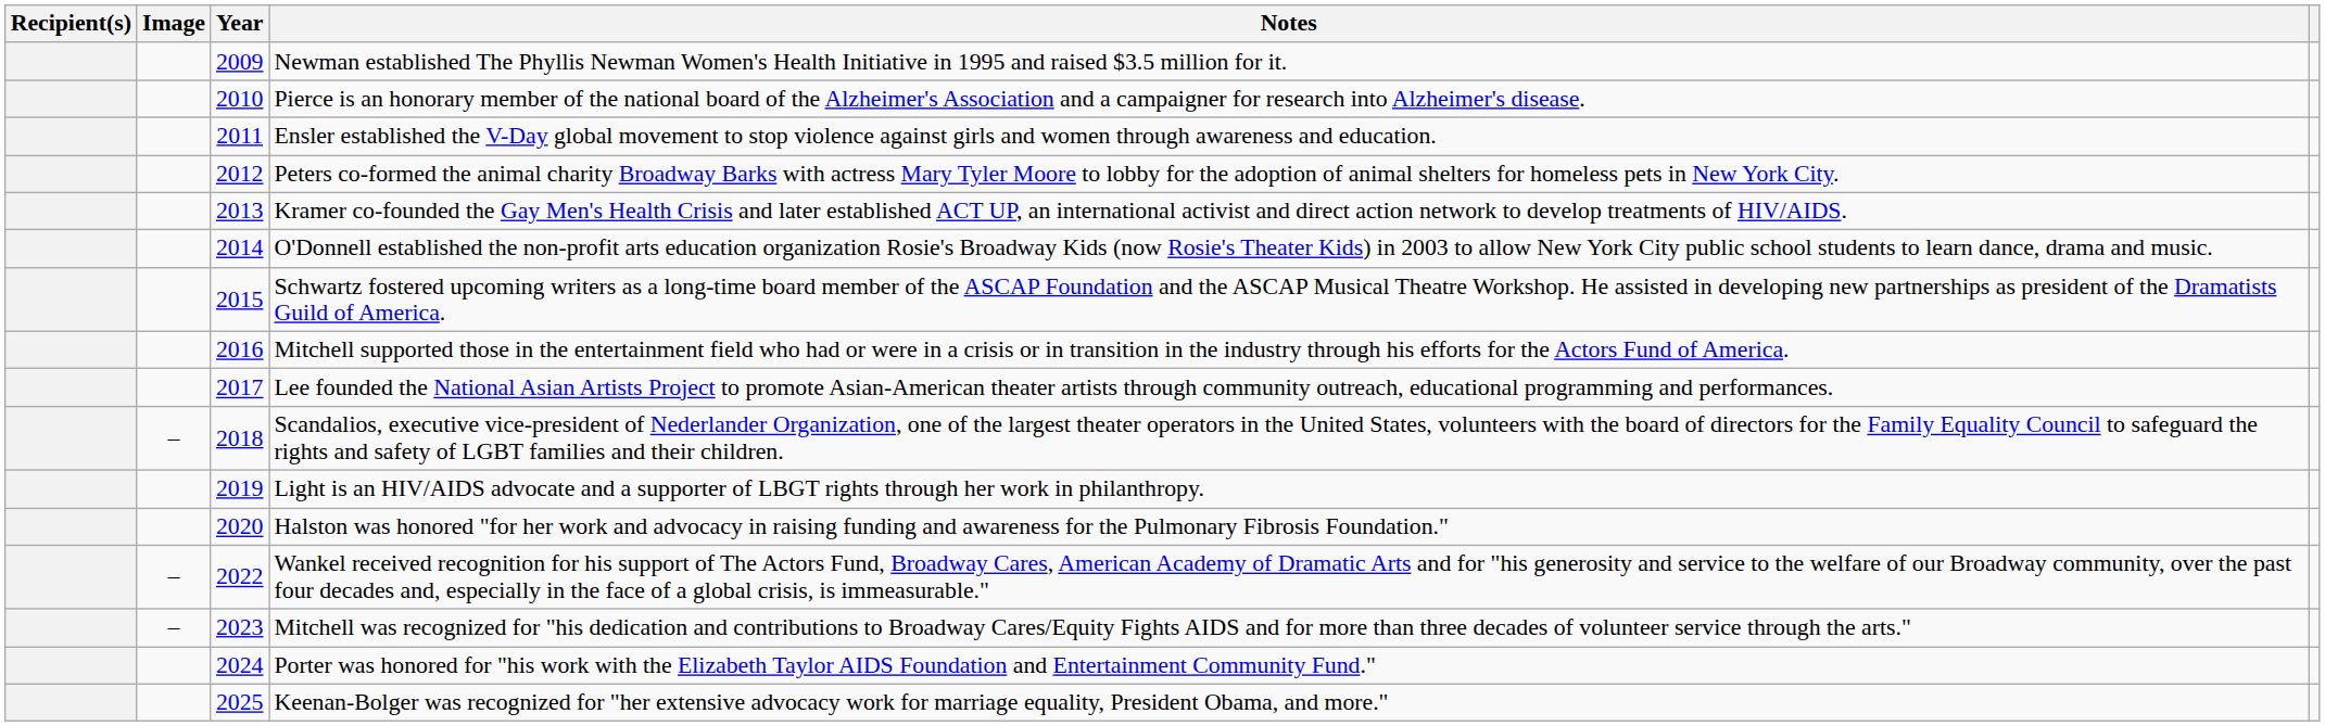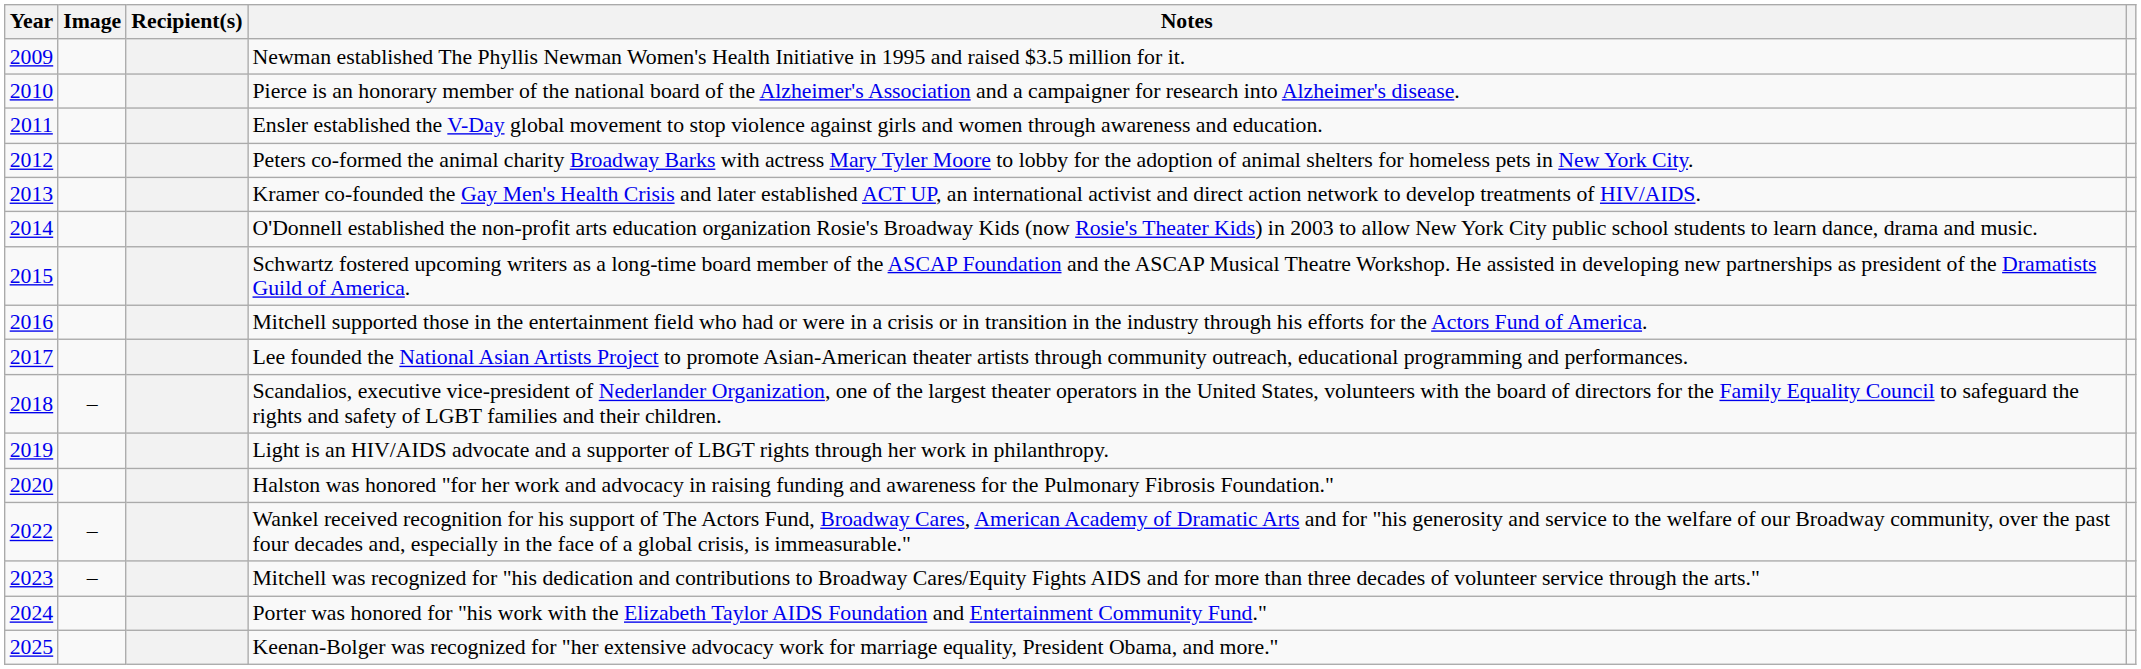 <table class="wikitable plainrowheaders sortable" style="text-align:center;">
 <tr>
+<th scope=col>Year</th>
+<th scope=col class=unsortable>Image</th>
 <th scope=col>Recipient(s)</th>
-<th scope=col class=unsortable>Image</th>
-<th scope=col>Year</th>
 <th scope=col class=unsortable>Notes</th>
 <th scope=col class=unsortable></th>
 </tr>
 <tr>
+<td><a href='#'>2009</a></td>
+<td></td>
 <th scope=row></th>
-<td></td>
-<td><a href='#'>2009</a></td>
 <td align=left>Newman established The Phyllis Newman Women's Health Initiative in 1995 and raised $3.5 million for it.</td>
 <td></td>
 </tr>
 <tr>
+<td><a href='#'>2010</a></td>
+<td></td>
 <th scope=row></th>
-<td></td>
-<td><a href='#'>2010</a></td>
 <td align=left>Pierce is an honorary member of the national board of the <a href='#'>Alzheimer's Association</a> and a campaigner for research into <a href='#'>Alzheimer's disease</a>.</td>
 <td></td>
 </tr>
 <tr>
+<td><a href='#'>2011</a></td>
+<td></td>
 <th scope=row></th>
-<td></td>
-<td><a href='#'>2011</a></td>
 <td align=left>Ensler established the <a href='#'>V-Day</a> global movement to stop violence against girls and women through awareness and education.</td>
 <td></td>
 </tr>
 <tr>
+<td><a href='#'>2012</a></td>
+<td></td>
 <th scope=row></th>
-<td></td>
-<td><a href='#'>2012</a></td>
 <td align=left>Peters co-formed the animal charity <a href='#'>Broadway Barks</a> with actress <a href='#'>Mary Tyler Moore</a> to lobby for the adoption of animal shelters for homeless pets in <a href='#'>New York City</a>.</td>
 <td></td>
 </tr>
 <tr>
+<td><a href='#'>2013</a></td>
+<td></td>
 <th scope=row></th>
-<td></td>
-<td><a href='#'>2013</a></td>
 <td align=left>Kramer co-founded the <a href='#'>Gay Men's Health Crisis</a> and later established <a href='#'>ACT UP</a>, an international activist and direct action network to develop treatments of <a href='#'>HIV/AIDS</a>.</td>
 <td></td>
 </tr>
 <tr>
+<td><a href='#'>2014</a></td>
+<td></td>
 <th scope=row></th>
-<td></td>
-<td><a href='#'>2014</a></td>
 <td align=left>O'Donnell established the non-profit arts education organization Rosie's Broadway Kids (now <a href='#'>Rosie's Theater Kids</a>) in 2003 to allow New York City public school students to learn dance, drama and music.</td>
 <td></td>
 </tr>
 <tr>
+<td><a href='#'>2015</a></td>
+<td></td>
 <th scope=row></th>
-<td></td>
-<td><a href='#'>2015</a></td>
 <td align=left>Schwartz fostered upcoming writers as a long-time board member of the <a href='#'>ASCAP Foundation</a> and the ASCAP Musical Theatre Workshop. He assisted in developing new partnerships as president of the <a href='#'>Dramatists Guild of America</a>.</td>
 <td></td>
 </tr>
 <tr>
+<td><a href='#'>2016</a></td>
+<td></td>
 <th scope=row></th>
-<td></td>
-<td><a href='#'>2016</a></td>
 <td align=left>Mitchell supported those in the entertainment field who had or were in a crisis or in transition in the industry through his efforts for the <a href='#'>Actors Fund of America</a>.</td>
 <td></td>
 </tr>
 <tr>
+<td><a href='#'>2017</a></td>
+<td></td>
 <th scope=row></th>
-<td></td>
-<td><a href='#'>2017</a></td>
 <td align=left>Lee founded the <a href='#'>National Asian Artists Project</a> to promote Asian-American theater artists through community outreach, educational programming and performances.</td>
 <td></td>
 </tr>
 <tr>
+<td><a href='#'>2018</a></td>
+<td>–</td>
 <th scope=row></th>
-<td>–</td>
-<td><a href='#'>2018</a></td>
 <td align=left>Scandalios, executive vice-president of <a href='#'>Nederlander Organization</a>, one of the largest theater operators in the United States, volunteers with the board of directors for the <a href='#'>Family Equality Council</a> to safeguard the rights and safety of LGBT families and their children.</td>
 <td></td>
 </tr>
 <tr>
+<td><a href='#'>2019</a></td>
+<td></td>
 <th scope=row></th>
-<td></td>
-<td><a href='#'>2019</a></td>
 <td align=left>Light is an HIV/AIDS advocate and a supporter of LBGT rights through her work in philanthropy.</td>
 <td></td>
 </tr>
 <tr>
+<td><a href='#'>2020</a></td>
+<td></td>
 <th scope=row></th>
-<td></td>
-<td><a href='#'>2020</a></td>
 <td align=left>Halston was honored "for her work and advocacy in raising funding and awareness for the Pulmonary Fibrosis Foundation."</td>
 <td></td>
 </tr>
 <tr>
+<td><a href='#'>2022</a></td>
+<td>–</td>
 <th scope=row></th>
-<td>–</td>
-<td><a href='#'>2022</a></td>
 <td align=left>Wankel received recognition for his support of The Actors Fund, <a href='#'>Broadway Cares</a>, <a href='#'>American Academy of Dramatic Arts</a> and for "his generosity and service to the welfare of our Broadway community, over the past four decades and, especially in the face of a global crisis, is immeasurable."</td>
 <td></td>
 </tr>
 <tr>
+<td><a href='#'>2023</a></td>
+<td>–</td>
 <th scope=row></th>
-<td>–</td>
-<td><a href='#'>2023</a></td>
 <td align=left>Mitchell was recognized for "his dedication and contributions to Broadway Cares/Equity Fights AIDS and for more than three decades of volunteer service through the arts."</td>
 <td></td>
 </tr>
 <tr>
+<td><a href='#'>2024</a></td>
+<td></td>
 <th scope=row></th>
-<td></td>
-<td><a href='#'>2024</a></td>
 <td align=left>Porter was honored for "his work with the <a href='#'>Elizabeth Taylor AIDS Foundation</a> and <a href='#'>Entertainment Community Fund</a>."</td>
 <td></td>
 </tr>
 <tr>
+<td><a href='#'>2025</a></td>
+<td></td>
 <th scope=row></th>
-<td></td>
-<td><a href='#'>2025</a></td>
 <td align=left>Keenan-Bolger was recognized for "her extensive advocacy work for marriage equality, President Obama, and more."</td>
 <td></td>
 </tr>
 </table>
